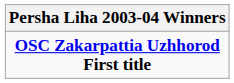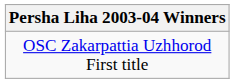 <table class="wikitable" style="text-align: center; margin: 0 auto;">
 <tr>
 <th>Persha Liha 2003-04 Winners</th>
 </tr>
 <tr>
-<td><strong><a href='#'>OSC Zakarpattia Uzhhorod</a><br>First title</strong></td>
+<td><a href='#'>OSC Zakarpattia Uzhhorod</a><br>First title</td>
 </tr>
 </table>
